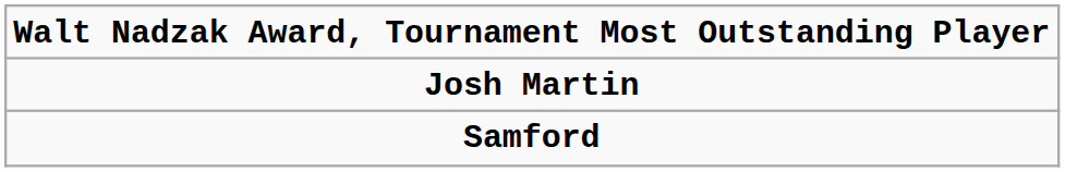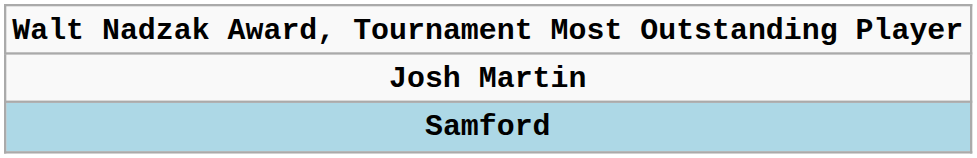 <table class="wikitable">
 <tr>
 <td style="text-align:center;"><strong>Walt Nadzak Award, Tournament Most Outstanding Player</strong></td>
 </tr>
 <tr>
 <td style="text-align:center;"><strong>Josh Martin</strong></td>
 </tr>
 <tr>
-<td style="text-align:center;"><strong>Samford</strong></td>
+<td style="background: lightblue; text-align:center;"><strong>Samford</strong></td>
 </tr>
 </table>
